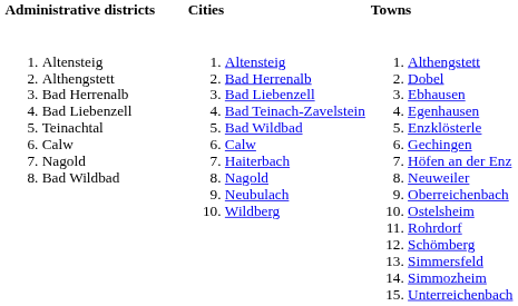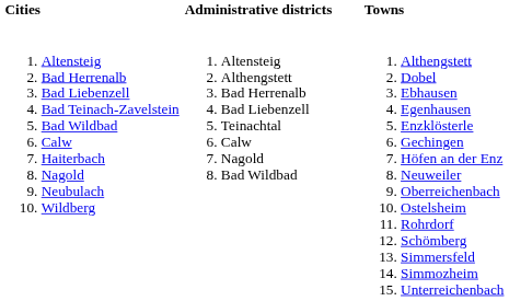 <table>
 <tr>
+<th width=33% align=left>Cities</th>
 <th width=33% align=left>Administrative districts</th>
-<th width=33% align=left>Cities</th>
 <th width=33% align=left>Towns</th>
 </tr>
 <tr valign=top>
+<td><br><ol><li><a href='#'>Altensteig</a></li><li><a href='#'>Bad Herrenalb</a></li><li><a href='#'>Bad Liebenzell</a></li><li><a href='#'>Bad Teinach-Zavelstein</a></li><li><a href='#'>Bad Wildbad</a></li><li><a href='#'>Calw</a></li><li><a href='#'>Haiterbach</a></li><li><a href='#'>Nagold</a></li><li><a href='#'>Neubulach</a></li><li><a href='#'>Wildberg</a></li></ol></td>
 <td><br><ol><li>Altensteig</li><li>Althengstett</li><li>Bad Herrenalb</li><li>Bad Liebenzell</li><li>Teinachtal</li><li>Calw</li><li>Nagold</li><li>Bad Wildbad</li></ol></td>
-<td><br><ol><li><a href='#'>Altensteig</a></li><li><a href='#'>Bad Herrenalb</a></li><li><a href='#'>Bad Liebenzell</a></li><li><a href='#'>Bad Teinach-Zavelstein</a></li><li><a href='#'>Bad Wildbad</a></li><li><a href='#'>Calw</a></li><li><a href='#'>Haiterbach</a></li><li><a href='#'>Nagold</a></li><li><a href='#'>Neubulach</a></li><li><a href='#'>Wildberg</a></li></ol></td>
 <td><br><ol><li><a href='#'>Althengstett</a></li><li><a href='#'>Dobel</a></li><li><a href='#'>Ebhausen</a></li><li><a href='#'>Egenhausen</a></li><li><a href='#'>Enzklösterle</a></li><li><a href='#'>Gechingen</a></li><li><a href='#'>Höfen an der Enz</a></li><li><a href='#'>Neuweiler</a></li><li><a href='#'>Oberreichenbach</a></li><li><a href='#'>Ostelsheim</a></li><li><a href='#'>Rohrdorf</a></li><li><a href='#'>Schömberg</a></li><li><a href='#'>Simmersfeld</a></li><li><a href='#'>Simmozheim</a></li><li><a href='#'>Unterreichenbach</a></li></ol></td>
 </tr>
 </table>
